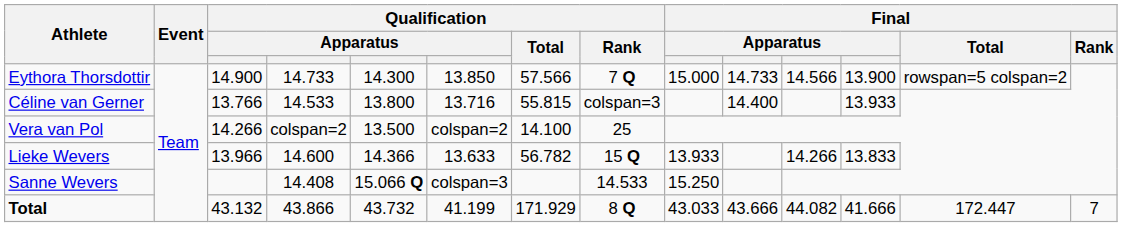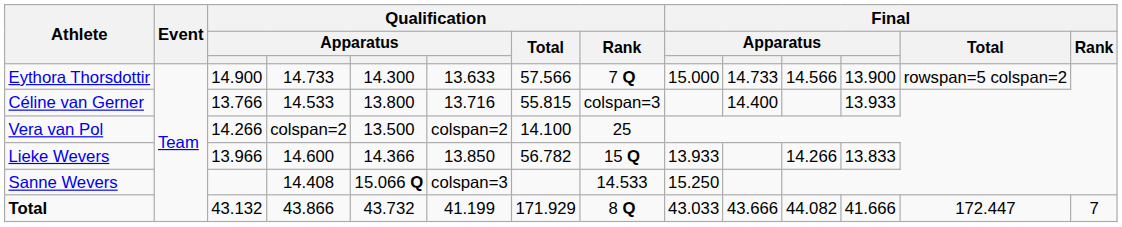 <table class="wikitable" style="font-size:90%">
 <tr>
 <th rowspan=3>Athlete</th>
 <th rowspan=3>Event</th>
 <th colspan=6>Qualification</th>
 <th colspan=6>Final</th>
 </tr>
 <tr style="font-size:95%">
 <th colspan=4>Apparatus</th>
 <th rowspan=2>Total</th>
 <th rowspan=2>Rank</th>
 <th colspan=4>Apparatus</th>
 <th rowspan=2>Total</th>
 <th rowspan=2>Rank</th>
 </tr>
 <tr style="font-size:95%">
 <th></th>
 <th></th>
 <th></th>
 <th></th>
 <th></th>
 <th></th>
 <th></th>
 <th></th>
 </tr>
 <tr align=center>
 <td align=left><a href='#'>Eythora Thorsdottir</a></td>
 <td align=left rowspan=6><a href='#'>Team</a></td>
 <td>14.900</td>
 <td>14.733</td>
 <td>14.300</td>
-<td>13.850</td>
+<td>13.633</td>
 <td>57.566</td>
 <td>7 <strong>Q</strong></td>
 <td>15.000</td>
 <td>14.733</td>
 <td>14.566</td>
 <td>13.900</td>
 <td>rowspan=5 colspan=2 </td>
 </tr>
 <tr align=center>
 <td align=left><a href='#'>Céline van Gerner</a></td>
 <td>13.766</td>
 <td>14.533</td>
 <td>13.800</td>
 <td>13.716</td>
 <td>55.815</td>
 <td>colspan=3 </td>
 <td></td>
 <td>14.400</td>
 <td></td>
 <td>13.933</td>
 </tr>
 <tr align=center>
 <td align=left><a href='#'>Vera van Pol</a></td>
 <td>14.266</td>
 <td>colspan=2 </td>
 <td>13.500</td>
 <td>colspan=2 </td>
 <td>14.100</td>
 <td>25</td>
 </tr>
 <tr align=center>
 <td align=left><a href='#'>Lieke Wevers</a></td>
 <td>13.966</td>
 <td>14.600</td>
 <td>14.366</td>
-<td>13.633</td>
+<td>13.850</td>
 <td>56.782</td>
 <td>15 <strong>Q</strong></td>
 <td>13.933</td>
 <td></td>
 <td>14.266</td>
 <td>13.833</td>
 </tr>
 <tr align=center>
 <td align=left><a href='#'>Sanne Wevers</a></td>
 <td></td>
 <td>14.408</td>
 <td>15.066 <strong>Q</strong></td>
 <td>colspan=3 </td>
 <td></td>
 <td>14.533</td>
 <td>15.250</td>
 <td></td>
 </tr>
 <tr align=center>
 <td align=left><strong>Total</strong></td>
 <td>43.132</td>
 <td>43.866</td>
 <td>43.732</td>
 <td>41.199</td>
 <td>171.929</td>
 <td>8 <strong>Q</strong></td>
 <td>43.033</td>
 <td>43.666</td>
 <td>44.082</td>
 <td>41.666</td>
 <td>172.447</td>
 <td>7</td>
 </tr>
 </table>
